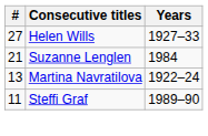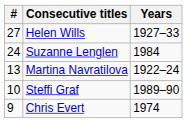 <table class=wikitable style="display:inline-table;">
 <tr>
 <th>#</th>
 <th>Consecutive titles</th>
 <th>Years</th>
 </tr>
 <tr>
 <td>27</td>
 <td> <a href='#'>Helen Wills</a></td>
 <td>1927–33</td>
 </tr>
 <tr>
-<td>21</td>
+<td>24</td>
 <td> <a href='#'>Suzanne Lenglen</a></td>
 <td>1984</td>
 </tr>
 <tr>
 <td>13</td>
 <td> <a href='#'>Martina Navratilova</a></td>
 <td>1922–24</td>
 </tr>
 <tr>
-<td>11</td>
+<td>10</td>
 <td> <a href='#'>Steffi Graf</a></td>
 <td>1989–90</td>
 </tr>
+<tr>
+<td>9</td>
+<td> <a href='#'>Chris Evert</a></td>
+<td>1974</td>
+</tr>
 </table>
